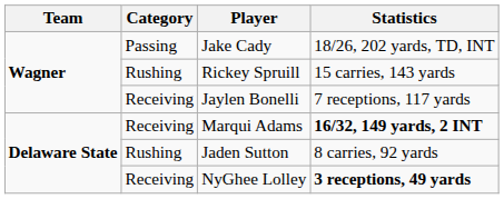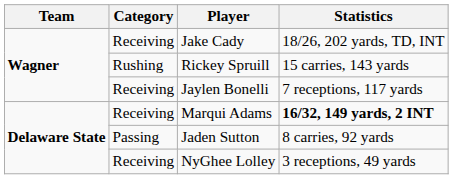 <table class="wikitable" style="float: right;">
 <tr>
 <th>Team</th>
 <th>Category</th>
 <th>Player</th>
 <th>Statistics</th>
 </tr>
 <tr>
 <td rowspan=3><strong>Wagner</strong></td>
-<td>Passing</td>
+<td>Receiving</td>
 <td>Jake Cady</td>
 <td>18/26, 202 yards, TD, INT</td>
 </tr>
 <tr>
 <td>Rushing</td>
 <td>Rickey Spruill</td>
 <td>15 carries, 143 yards</td>
 </tr>
 <tr>
 <td>Receiving</td>
 <td>Jaylen Bonelli</td>
 <td>7 receptions, 117 yards</td>
 </tr>
 <tr>
 <td rowspan=3><strong>Delaware State</strong></td>
 <td>Receiving</td>
 <td>Marqui Adams</td>
 <td><strong>16/32, 149 yards, 2 INT</strong></td>
 </tr>
 <tr>
-<td>Rushing</td>
+<td>Passing</td>
 <td>Jaden Sutton</td>
 <td>8 carries, 92 yards</td>
 </tr>
 <tr>
 <td>Receiving</td>
 <td>NyGhee Lolley</td>
-<td><strong>3 receptions, 49 yards</strong></td>
+<td>3 receptions, 49 yards</td>
 </tr>
 </table>
